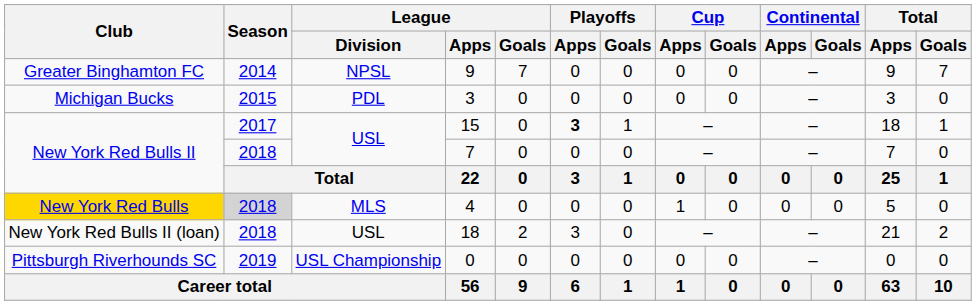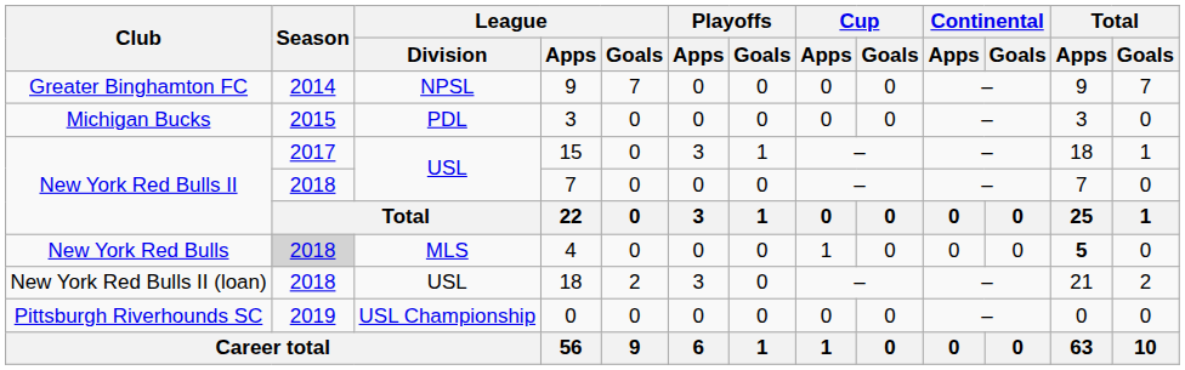 <table class="wikitable" style="text-align: center;">
 <tr>
 <th rowspan=2>Club</th>
 <th rowspan=2>Season</th>
 <th colspan=3>League</th>
 <th colspan=2>Playoffs</th>
 <th colspan=2><a href='#'>Cup</a></th>
 <th colspan=2><a href='#'>Continental</a></th>
 <th colspan=2>Total</th>
 </tr>
 <tr>
 <th>Division</th>
 <th>Apps</th>
 <th>Goals</th>
 <th>Apps</th>
 <th>Goals</th>
 <th>Apps</th>
 <th>Goals</th>
 <th>Apps</th>
 <th>Goals</th>
 <th>Apps</th>
 <th>Goals</th>
 </tr>
 <tr>
 <td><a href='#'>Greater Binghamton FC</a></td>
 <td><a href='#'>2014</a></td>
 <td><a href='#'>NPSL</a></td>
 <td>9</td>
 <td>7</td>
 <td>0</td>
 <td>0</td>
 <td>0</td>
 <td>0</td>
 <td colspan=2>–</td>
 <td>9</td>
 <td>7</td>
 </tr>
 <tr>
 <td><a href='#'>Michigan Bucks</a></td>
 <td><a href='#'>2015</a></td>
 <td><a href='#'>PDL</a></td>
 <td>3</td>
 <td>0</td>
 <td>0</td>
 <td>0</td>
 <td>0</td>
 <td>0</td>
 <td colspan=2>–</td>
 <td>3</td>
 <td>0</td>
 </tr>
 <tr>
 <td rowspan=3><a href='#'>New York Red Bulls II</a></td>
 <td><a href='#'>2017</a></td>
 <td rowspan=2><a href='#'>USL</a></td>
 <td>15</td>
 <td>0</td>
-<td><strong>3</strong></td>
+<td>3</td>
 <td>1</td>
 <td colspan=2>–</td>
 <td colspan=2>–</td>
 <td>18</td>
 <td>1</td>
 </tr>
 <tr>
 <td><a href='#'>2018</a></td>
 <td>7</td>
 <td>0</td>
 <td>0</td>
 <td>0</td>
 <td colspan=2>–</td>
 <td colspan=2>–</td>
 <td>7</td>
 <td>0</td>
 </tr>
 <tr>
 <th colspan=2>Total</th>
 <th>22</th>
 <th>0</th>
 <th>3</th>
 <th>1</th>
 <th>0</th>
 <th>0</th>
 <th>0</th>
 <th>0</th>
 <th>25</th>
 <th>1</th>
 </tr>
 <tr>
-<td style="background: gold;"><a href='#'>New York Red Bulls</a></td>
+<td><a href='#'>New York Red Bulls</a></td>
 <td style="background: lightgrey;"><a href='#'>2018</a></td>
 <td><a href='#'>MLS</a></td>
 <td>4</td>
 <td>0</td>
 <td>0</td>
 <td>0</td>
 <td>1</td>
 <td>0</td>
 <td>0</td>
 <td>0</td>
-<td>5</td>
+<td><strong>5</strong></td>
 <td>0</td>
 </tr>
 <tr>
 <td>New York Red Bulls II (loan)</td>
 <td><a href='#'>2018</a></td>
 <td>USL</td>
 <td>18</td>
 <td>2</td>
 <td>3</td>
 <td>0</td>
 <td colspan=2>–</td>
 <td colspan=2>–</td>
 <td>21</td>
 <td>2</td>
 </tr>
 <tr>
 <td><a href='#'>Pittsburgh Riverhounds SC</a></td>
 <td><a href='#'>2019</a></td>
 <td><a href='#'>USL Championship</a></td>
 <td>0</td>
 <td>0</td>
 <td>0</td>
 <td>0</td>
 <td>0</td>
 <td>0</td>
 <td colspan=2>–</td>
 <td>0</td>
 <td>0</td>
 </tr>
 <tr>
 <th colspan=3>Career total</th>
 <th>56</th>
 <th>9</th>
 <th>6</th>
 <th>1</th>
 <th>1</th>
 <th>0</th>
 <th>0</th>
 <th>0</th>
 <th>63</th>
 <th>10</th>
 </tr>
 </table>
